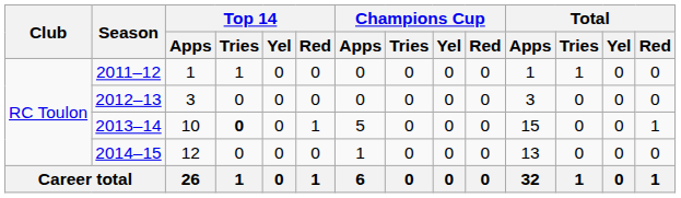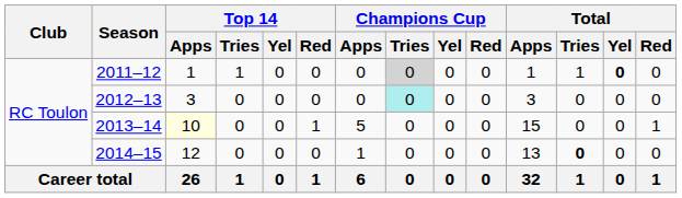 <table class="wikitable" style="font-size:95%; text-align:center">
 <tr>
 <th rowspan="2">Club</th>
 <th rowspan="2">Season</th>
 <th colspan="4"><a href='#'>Top 14</a></th>
 <th colspan="4"><a href='#'>Champions Cup</a></th>
 <th colspan="4">Total</th>
 </tr>
 <tr>
 <th>Apps</th>
 <th>Tries</th>
 <th>Yel</th>
 <th>Red</th>
 <th>Apps</th>
 <th>Tries</th>
 <th>Yel</th>
 <th>Red</th>
 <th>Apps</th>
 <th>Tries</th>
 <th>Yel</th>
 <th>Red</th>
 </tr>
 <tr>
 <td rowspan="4"><a href='#'>RC Toulon</a></td>
 <td><a href='#'>2011–12</a></td>
 <td>1</td>
 <td>1</td>
 <td>0</td>
 <td>0</td>
 <td>0</td>
-<td>0</td>
+<td style="background: lightgrey;">0</td>
 <td>0</td>
 <td>0</td>
 <td>1</td>
 <td>1</td>
-<td>0</td>
+<td><strong>0</strong></td>
 <td>0</td>
 </tr>
 <tr>
 <td><a href='#'>2012–13</a></td>
 <td>3</td>
 <td>0</td>
 <td>0</td>
 <td>0</td>
 <td>0</td>
-<td>0</td>
+<td style="background: paleturquoise;">0</td>
 <td>0</td>
 <td>0</td>
 <td>3</td>
 <td>0</td>
 <td>0</td>
 <td>0</td>
 </tr>
 <tr>
 <td><a href='#'>2013–14</a></td>
-<td>10</td>
-<td><strong>0</strong></td>
+<td style="background: lightyellow;">10</td>
+<td>0</td>
 <td>0</td>
 <td>1</td>
 <td>5</td>
 <td>0</td>
 <td>0</td>
 <td>0</td>
 <td>15</td>
 <td>0</td>
 <td>0</td>
 <td>1</td>
 </tr>
 <tr>
 <td><a href='#'>2014–15</a></td>
 <td>12</td>
 <td>0</td>
 <td>0</td>
 <td>0</td>
 <td>1</td>
 <td>0</td>
 <td>0</td>
 <td>0</td>
 <td>13</td>
-<td>0</td>
+<td><strong>0</strong></td>
 <td>0</td>
 <td>0</td>
 </tr>
 <tr>
 <th colspan="2">Career total</th>
 <th>26</th>
 <th>1</th>
 <th>0</th>
 <th>1</th>
 <th>6</th>
 <th>0</th>
 <th>0</th>
 <th>0</th>
 <th>32</th>
 <th>1</th>
 <th>0</th>
 <th>1</th>
 </tr>
 </table>
